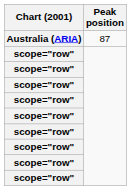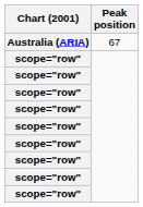 <table class="wikitable sortable plainrowheaders" style="text-align:center">
 <tr>
 <th scope="col">Chart (2001)</th>
 <th scope="col">Peak<br>position</th>
 </tr>
 <tr>
 <th scope="row">Australia (<a href='#'>ARIA</a>)</th>
-<td>87</td>
+<td>67</td>
 </tr>
 <tr>
 <th>scope="row"</th>
 </tr>
 <tr>
 <th>scope="row"</th>
 </tr>
 <tr>
 <th>scope="row"</th>
 </tr>
 <tr>
 <th>scope="row"</th>
 </tr>
 <tr>
 <th>scope="row"</th>
 </tr>
 <tr>
 <th>scope="row"</th>
 </tr>
 <tr>
 <th>scope="row"</th>
 </tr>
 <tr>
 <th>scope="row"</th>
 </tr>
 <tr>
 <th>scope="row"</th>
 </tr>
 </table>
